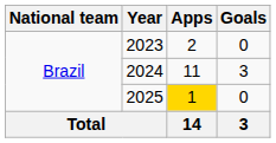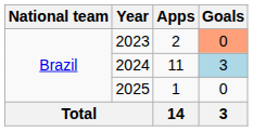 <table class="wikitable" style="text-align:center">
 <tr>
 <th>National team</th>
 <th>Year</th>
 <th>Apps</th>
 <th>Goals</th>
 </tr>
 <tr>
 <td rowspan="3"><a href='#'>Brazil</a></td>
 <td>2023</td>
 <td>2</td>
-<td>0</td>
+<td style="background: lightsalmon;">0</td>
 </tr>
 <tr>
 <td>2024</td>
 <td>11</td>
-<td>3</td>
+<td style="background: lightblue;">3</td>
 </tr>
 <tr>
 <td>2025</td>
-<td style="background: gold;">1</td>
+<td>1</td>
 <td>0</td>
 </tr>
 <tr>
 <th colspan="2">Total</th>
 <th>14</th>
 <th>3</th>
 </tr>
 </table>
